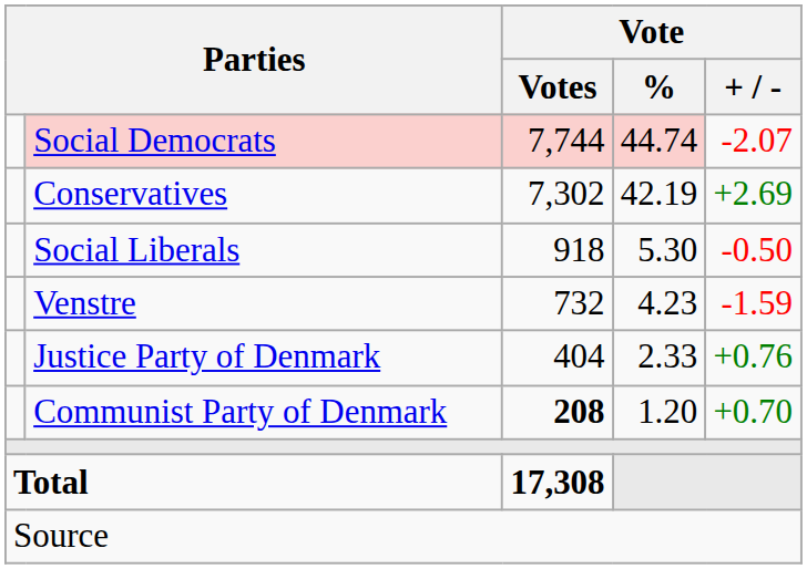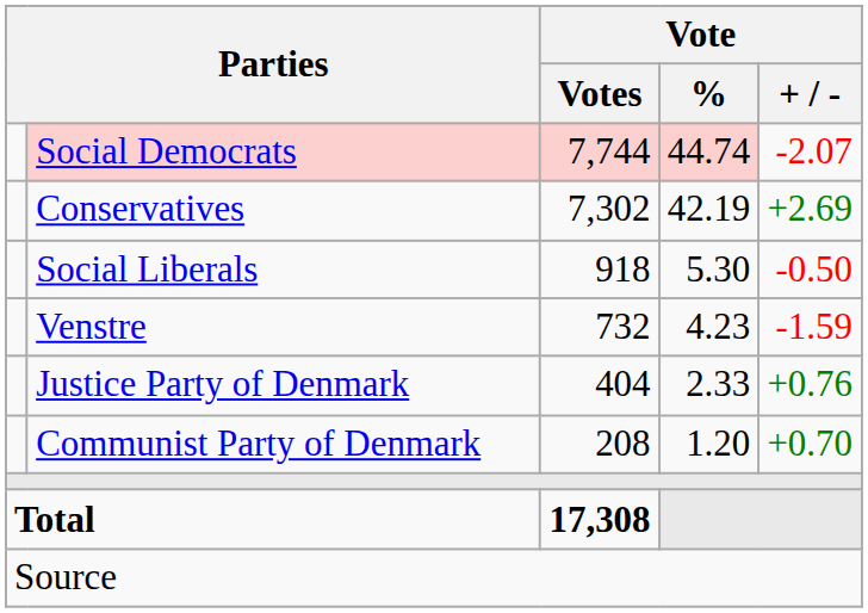 <table class="wikitable" style="text-align:right;">
 <tr>
 <th style="text-align:centre;" rowspan="2" colspan="2" width="225">Parties</th>
 <th colspan="3">Vote</th>
 </tr>
 <tr>
 <th width="15">Votes</th>
 <th width="15">%</th>
 <th width="15">+ / -</th>
 </tr>
 <tr>
 <td width="2" style="color:inherit;background:"></td>
 <td bgcolor=#fbd0ce  align="left"><a href='#'>Social Democrats</a></td>
 <td bgcolor=#fbd0ce>7,744</td>
 <td bgcolor=#fbd0ce>44.74</td>
 <td style=color:red;>-2.07</td>
 </tr>
 <tr>
 <td width="2" style="color:inherit;background:"></td>
 <td align="left"><a href='#'>Conservatives</a></td>
 <td>7,302</td>
 <td>42.19</td>
 <td style=color:green;>+2.69</td>
 </tr>
 <tr>
 <td width="2" style="color:inherit;background:"></td>
 <td align="left"><a href='#'>Social Liberals</a></td>
 <td>918</td>
 <td>5.30</td>
 <td style=color:red;>-0.50</td>
 </tr>
 <tr>
 <td width="2" style="color:inherit;background:"></td>
 <td align="left"><a href='#'>Venstre</a></td>
 <td>732</td>
 <td>4.23</td>
 <td style=color:red;>-1.59</td>
 </tr>
 <tr>
 <td width="2" style="color:inherit;background:"></td>
 <td align="left"><a href='#'>Justice Party of Denmark</a></td>
 <td>404</td>
 <td>2.33</td>
 <td style=color:green;>+0.76</td>
 </tr>
 <tr>
 <td width="2" style="color:inherit;background:"></td>
 <td align="left"><a href='#'>Communist Party of Denmark</a></td>
-<td><strong>208</strong></td>
+<td>208</td>
 <td>1.20</td>
 <td style=color:green;>+0.70</td>
 </tr>
 <tr>
 <td colspan="7" bgcolor="#E9E9E9"></td>
 </tr>
 <tr>
 <td align="left" colspan="2"><strong>Total</strong></td>
 <td><strong>17,308</strong></td>
 <td bgcolor="#E9E9E9" colspan="2"></td>
 </tr>
 <tr>
 <td align="left" colspan="6">Source</td>
 </tr>
 </table>
